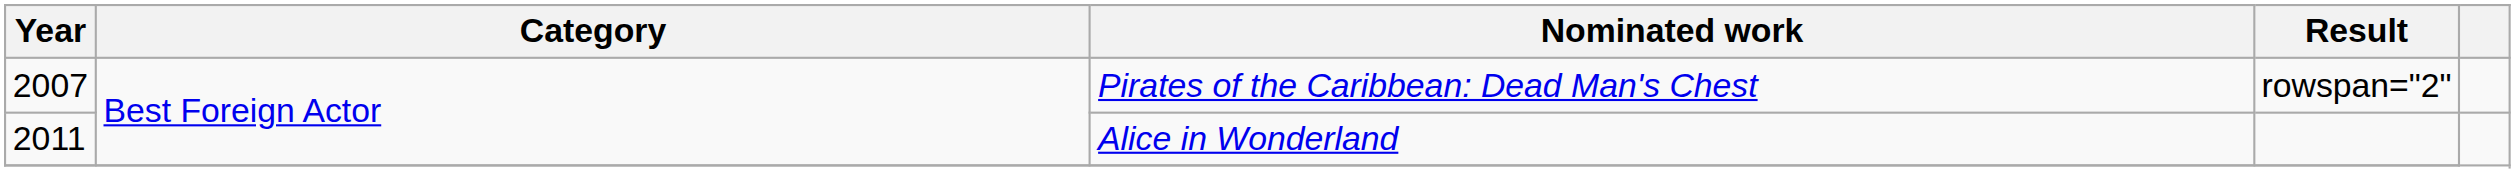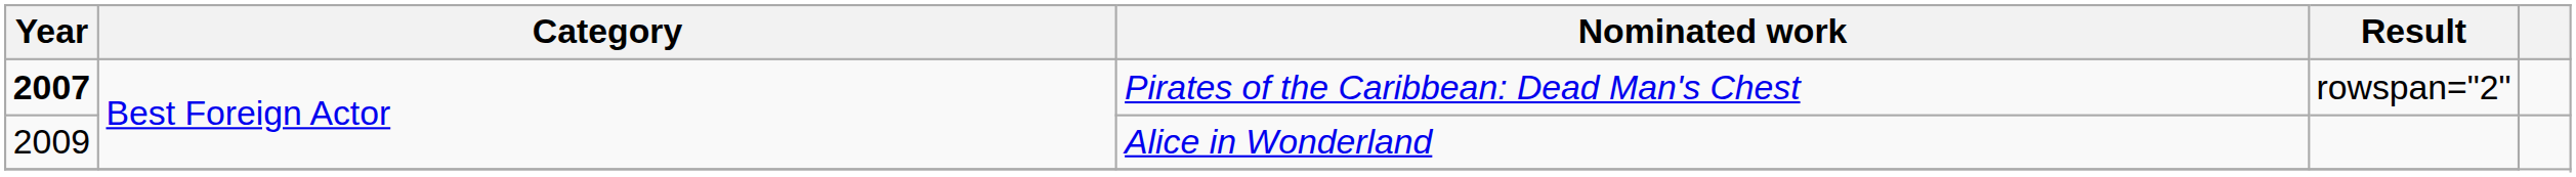 <table class=wikitable>
 <tr>
 <th style="width:1em;">Year</th>
 <th style="width:29em;">Category</th>
 <th style="width:34em;">Nominated work</th>
 <th style="width:5em;">Result</th>
 <th style="width:1em;"></th>
 </tr>
 <tr>
-<td>2007</td>
+<td><strong>2007</strong></td>
 <td rowspan="2"><a href='#'>Best Foreign Actor</a></td>
 <td><em><a href='#'>Pirates of the Caribbean: Dead Man's Chest</a></em></td>
 <td>rowspan="2" </td>
 <td></td>
 </tr>
 <tr>
-<td>2011</td>
+<td>2009</td>
 <td><em><a href='#'>Alice in Wonderland</a></em></td>
 <td></td>
 </tr>
 <tr>
 </tr>
 </table>
